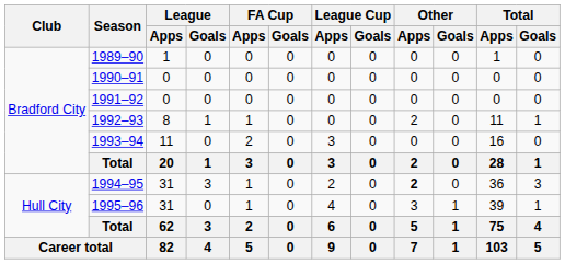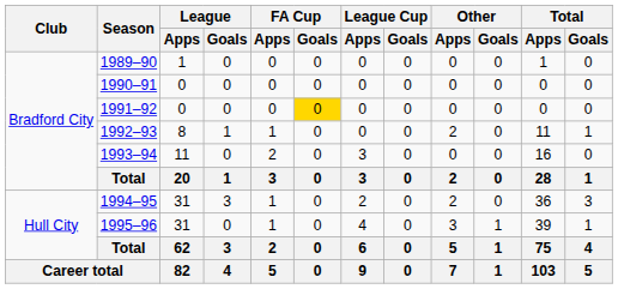 <table class="wikitable" style="text-align: center;">
 <tr>
 <th rowspan="2">Club</th>
 <th rowspan="2">Season</th>
 <th colspan="2">League</th>
 <th colspan="2">FA Cup</th>
 <th colspan="2">League Cup</th>
 <th colspan="2">Other</th>
 <th colspan="2">Total</th>
 </tr>
 <tr>
 <th>Apps</th>
 <th>Goals</th>
 <th>Apps</th>
 <th>Goals</th>
 <th>Apps</th>
 <th>Goals</th>
 <th>Apps</th>
 <th>Goals</th>
 <th>Apps</th>
 <th>Goals</th>
 </tr>
 <tr>
 <td rowspan="6"><a href='#'>Bradford City</a></td>
 <td><a href='#'>1989–90</a></td>
 <td>1</td>
 <td>0</td>
 <td>0</td>
 <td>0</td>
 <td>0</td>
 <td>0</td>
 <td>0</td>
 <td>0</td>
 <td>1</td>
 <td>0</td>
 </tr>
 <tr>
 <td><a href='#'>1990–91</a></td>
 <td>0</td>
 <td>0</td>
 <td>0</td>
 <td>0</td>
 <td>0</td>
 <td>0</td>
 <td>0</td>
 <td>0</td>
 <td>0</td>
 <td>0</td>
 </tr>
 <tr>
 <td><a href='#'>1991–92</a></td>
 <td>0</td>
 <td>0</td>
 <td>0</td>
-<td>0</td>
+<td style="background: gold;">0</td>
 <td>0</td>
 <td>0</td>
 <td>0</td>
 <td>0</td>
 <td>0</td>
 <td>0</td>
 </tr>
 <tr>
 <td><a href='#'>1992–93</a></td>
 <td>8</td>
 <td>1</td>
 <td>1</td>
 <td>0</td>
 <td>0</td>
 <td>0</td>
 <td>2</td>
 <td>0</td>
 <td>11</td>
 <td>1</td>
 </tr>
 <tr>
 <td><a href='#'>1993–94</a></td>
 <td>11</td>
 <td>0</td>
 <td>2</td>
 <td>0</td>
 <td>3</td>
 <td>0</td>
 <td>0</td>
 <td>0</td>
 <td>16</td>
 <td>0</td>
 </tr>
 <tr>
 <th>Total</th>
 <th>20</th>
 <th>1</th>
 <th>3</th>
 <th>0</th>
 <th>3</th>
 <th>0</th>
 <th>2</th>
 <th>0</th>
 <th>28</th>
 <th>1</th>
 </tr>
 <tr>
 <td rowspan="3"><a href='#'>Hull City</a></td>
 <td><a href='#'>1994–95</a></td>
 <td>31</td>
 <td>3</td>
 <td>1</td>
 <td>0</td>
 <td>2</td>
 <td>0</td>
-<td><strong>2</strong></td>
+<td>2</td>
 <td>0</td>
 <td>36</td>
 <td>3</td>
 </tr>
 <tr>
 <td><a href='#'>1995–96</a></td>
 <td>31</td>
 <td>0</td>
 <td>1</td>
 <td>0</td>
 <td>4</td>
 <td>0</td>
 <td>3</td>
 <td>1</td>
 <td>39</td>
 <td>1</td>
 </tr>
 <tr>
 <th>Total</th>
 <th>62</th>
 <th>3</th>
 <th>2</th>
 <th>0</th>
 <th>6</th>
 <th>0</th>
 <th>5</th>
 <th>1</th>
 <th>75</th>
 <th>4</th>
 </tr>
 <tr>
 <th colspan="2">Career total</th>
 <th>82</th>
 <th>4</th>
 <th>5</th>
 <th>0</th>
 <th>9</th>
 <th>0</th>
 <th>7</th>
 <th>1</th>
 <th>103</th>
 <th>5</th>
 </tr>
 </table>
